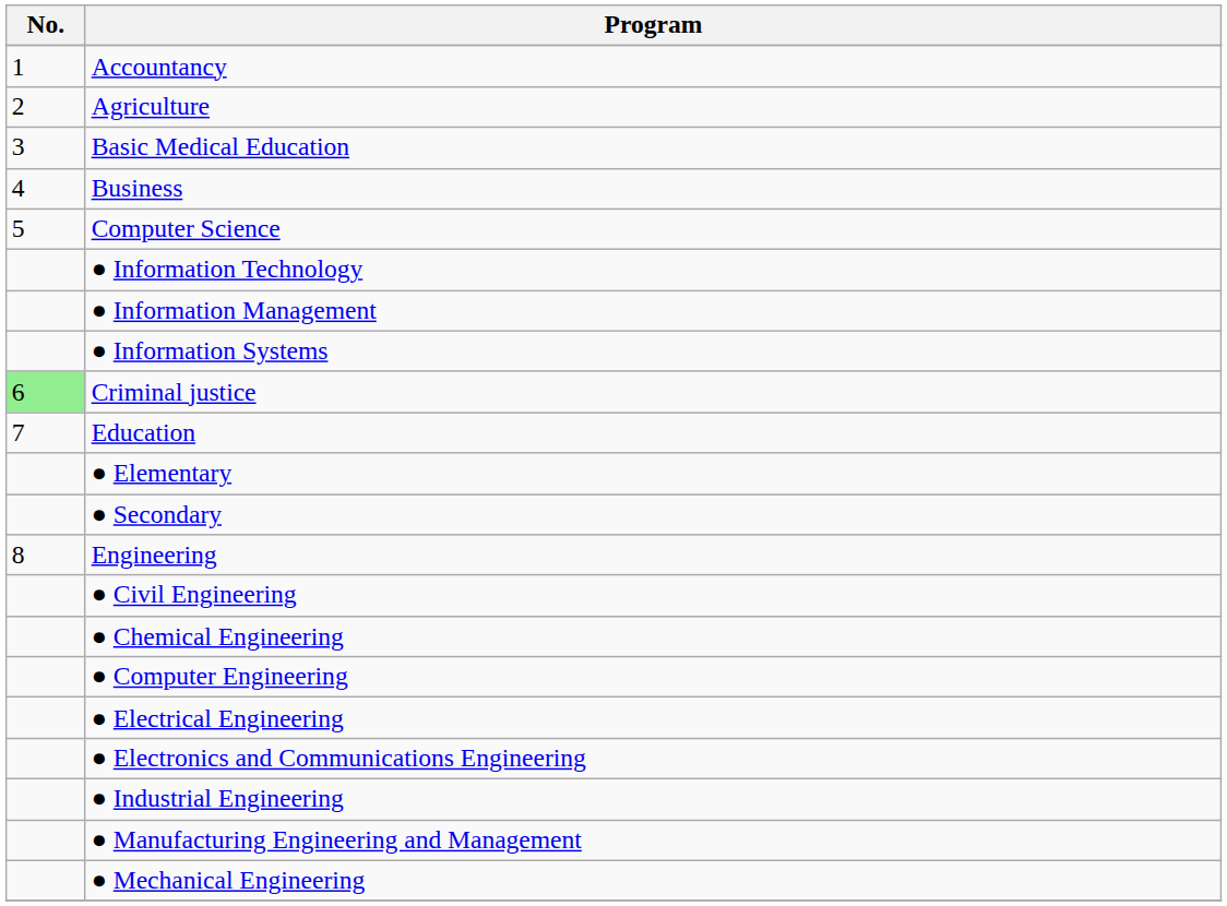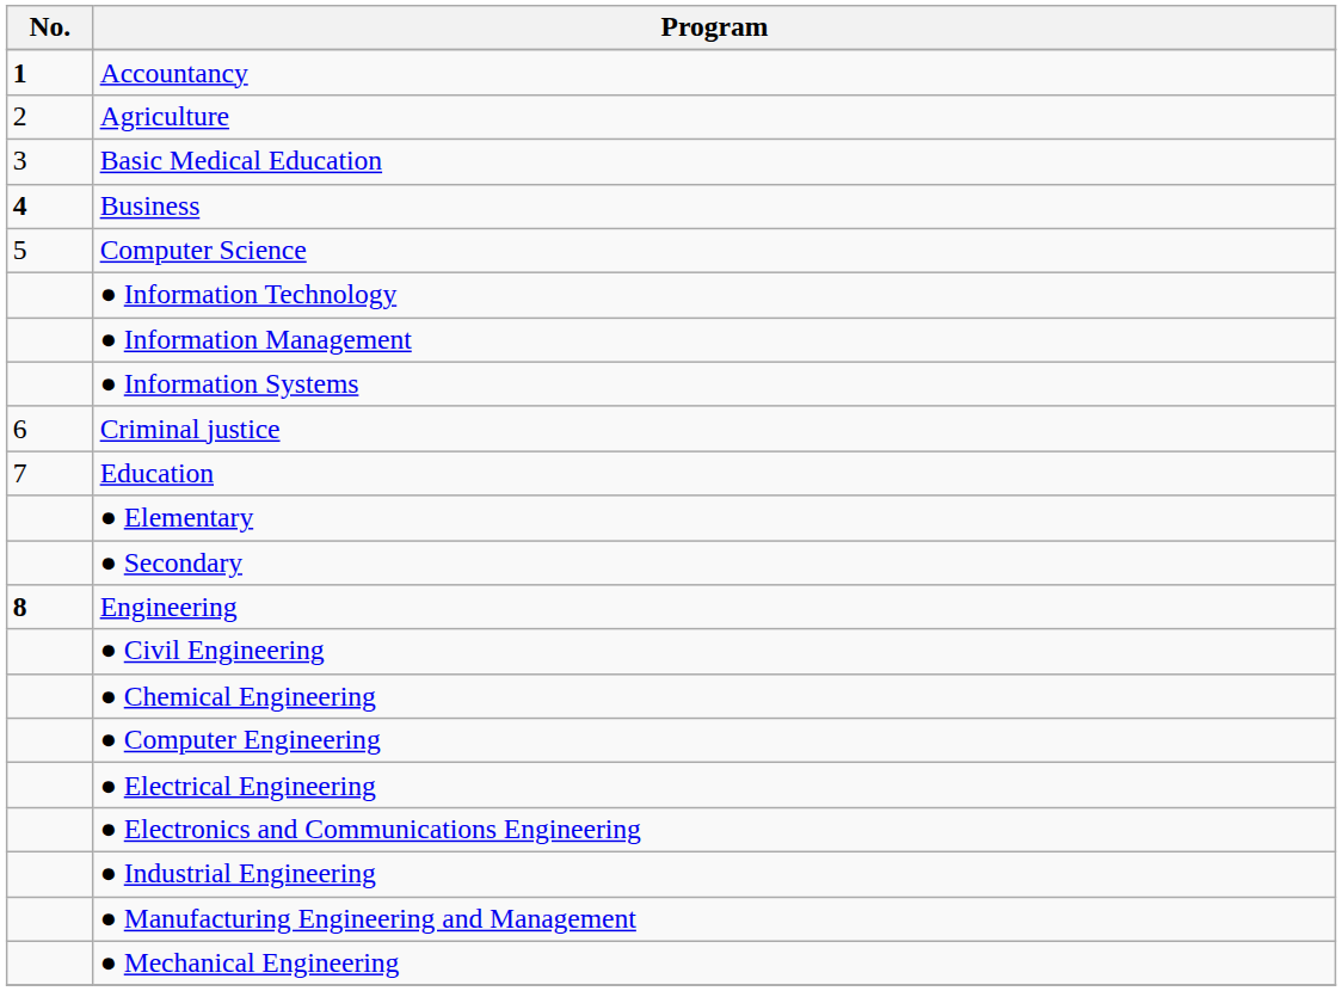 <table class="wikitable" style="margin: 1em auto 1em auto;width:60%;">
 <tr>
 <th style="width:1%;">No.</th>
 <th style="width:27%;">Program</th>
 </tr>
 <tr bgcolor=#ADD8E6>
 </tr>
 <tr>
-<td>1</td>
+<td><strong>1</strong></td>
 <td><a href='#'>Accountancy</a></td>
 </tr>
 <tr>
 <td>2</td>
 <td><a href='#'>Agriculture</a></td>
 </tr>
 <tr>
 <td>3</td>
 <td><a href='#'>Basic Medical Education</a></td>
 </tr>
 <tr>
-<td>4</td>
+<td><strong>4</strong></td>
 <td><a href='#'>Business</a></td>
 </tr>
 <tr>
 <td>5</td>
 <td><a href='#'>Computer Science</a></td>
 </tr>
 <tr>
 <td></td>
 <td>● <a href='#'>Information Technology</a></td>
 </tr>
 <tr>
 <td></td>
 <td>● <a href='#'>Information Management</a></td>
 </tr>
 <tr>
 <td></td>
 <td>● <a href='#'>Information Systems</a></td>
 </tr>
 <tr>
-<td style="background: lightgreen;">6</td>
+<td>6</td>
 <td><a href='#'>Criminal justice</a></td>
 </tr>
 <tr>
 <td>7</td>
 <td><a href='#'>Education</a></td>
 </tr>
 <tr>
 <td></td>
 <td>● <a href='#'>Elementary</a></td>
 </tr>
 <tr>
 <td></td>
 <td>● <a href='#'>Secondary</a></td>
 </tr>
 <tr>
-<td>8</td>
+<td><strong>8</strong></td>
 <td><a href='#'>Engineering</a></td>
 </tr>
 <tr>
 <td></td>
 <td>● <a href='#'>Civil Engineering</a></td>
 </tr>
 <tr>
 <td></td>
 <td>● <a href='#'>Chemical Engineering</a></td>
 </tr>
 <tr>
 <td></td>
 <td>● <a href='#'>Computer Engineering</a></td>
 </tr>
 <tr>
 <td></td>
 <td>● <a href='#'>Electrical Engineering</a></td>
 </tr>
 <tr>
 <td></td>
 <td>● <a href='#'>Electronics and Communications Engineering</a></td>
 </tr>
 <tr>
 <td></td>
 <td>● <a href='#'>Industrial Engineering</a></td>
 </tr>
 <tr>
 <td></td>
 <td>● <a href='#'>Manufacturing Engineering and Management</a></td>
 </tr>
 <tr>
 <td></td>
 <td>● <a href='#'>Mechanical Engineering</a></td>
 </tr>
 <tr>
 </tr>
 </table>
